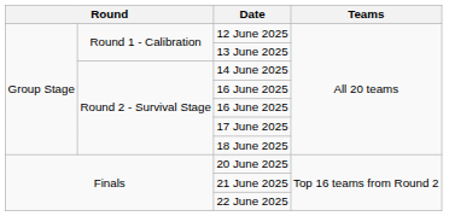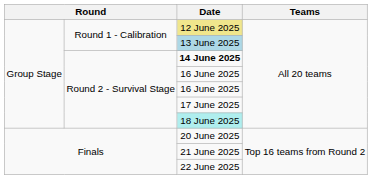 <table class="wikitable" style="text-align:center">
 <tr>
 <th colspan="2">Round</th>
 <th>Date</th>
 <th>Teams</th>
 </tr>
 <tr>
 <td rowspan="7">Group Stage</td>
 <td rowspan="2">Round 1 - Calibration</td>
-<td>12 June 2025</td>
+<td style="background: khaki;">12 June 2025</td>
 <td rowspan="7">All 20 teams</td>
 </tr>
 <tr>
-<td>13 June 2025</td>
+<td style="background: lightblue;">13 June 2025</td>
 </tr>
 <tr>
 <td rowspan="5">Round 2 - Survival Stage</td>
-<td>14 June 2025</td>
+<td><strong>14 June 2025</strong></td>
 </tr>
 <tr>
 <td>16 June 2025</td>
 </tr>
 <tr>
 <td>16 June 2025</td>
 </tr>
 <tr>
 <td>17 June 2025</td>
 </tr>
 <tr>
-<td>18 June 2025</td>
+<td style="background: paleturquoise;">18 June 2025</td>
 </tr>
 <tr>
 <td colspan="2" rowspan="3">Finals</td>
 <td>20 June 2025</td>
 <td rowspan="3">Top 16 teams from Round 2</td>
 </tr>
 <tr>
 <td>21 June 2025</td>
 </tr>
 <tr>
 <td>22 June 2025</td>
 </tr>
 </table>
